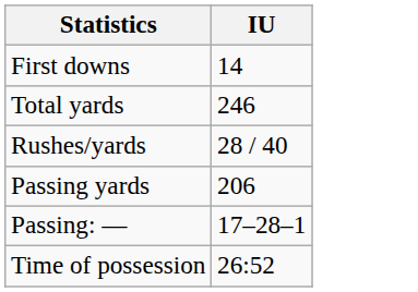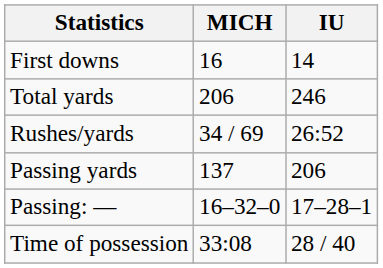 <table class="wikitable" style="float:left">
 <tr>
 <th>Statistics</th>
+<th>MICH</th>
 <th>IU</th>
 </tr>
 <tr>
 <td>First downs</td>
+<td>16</td>
 <td>14</td>
 </tr>
 <tr>
 <td>Total yards</td>
+<td>206</td>
 <td>246</td>
 </tr>
 <tr>
 <td>Rushes/yards</td>
-<td>28 / 40</td>
+<td>34 / 69</td>
+<td>26:52</td>
 </tr>
 <tr>
 <td>Passing yards</td>
+<td>137</td>
 <td>206</td>
 </tr>
 <tr>
 <td>Passing: ––</td>
+<td>16–32–0</td>
 <td>17–28–1</td>
 </tr>
 <tr>
 <td>Time of possession</td>
-<td>26:52</td>
+<td>33:08</td>
+<td>28 / 40</td>
 </tr>
 </table>
